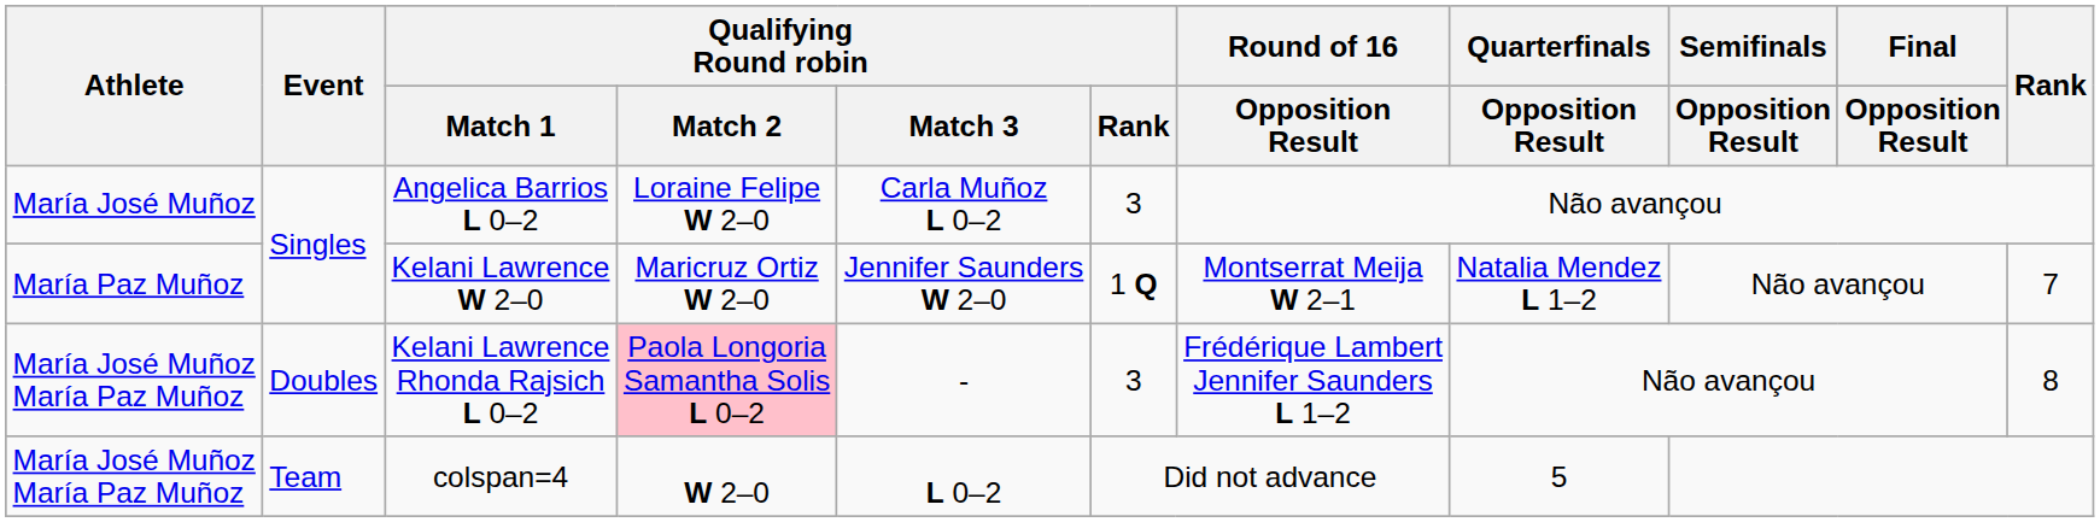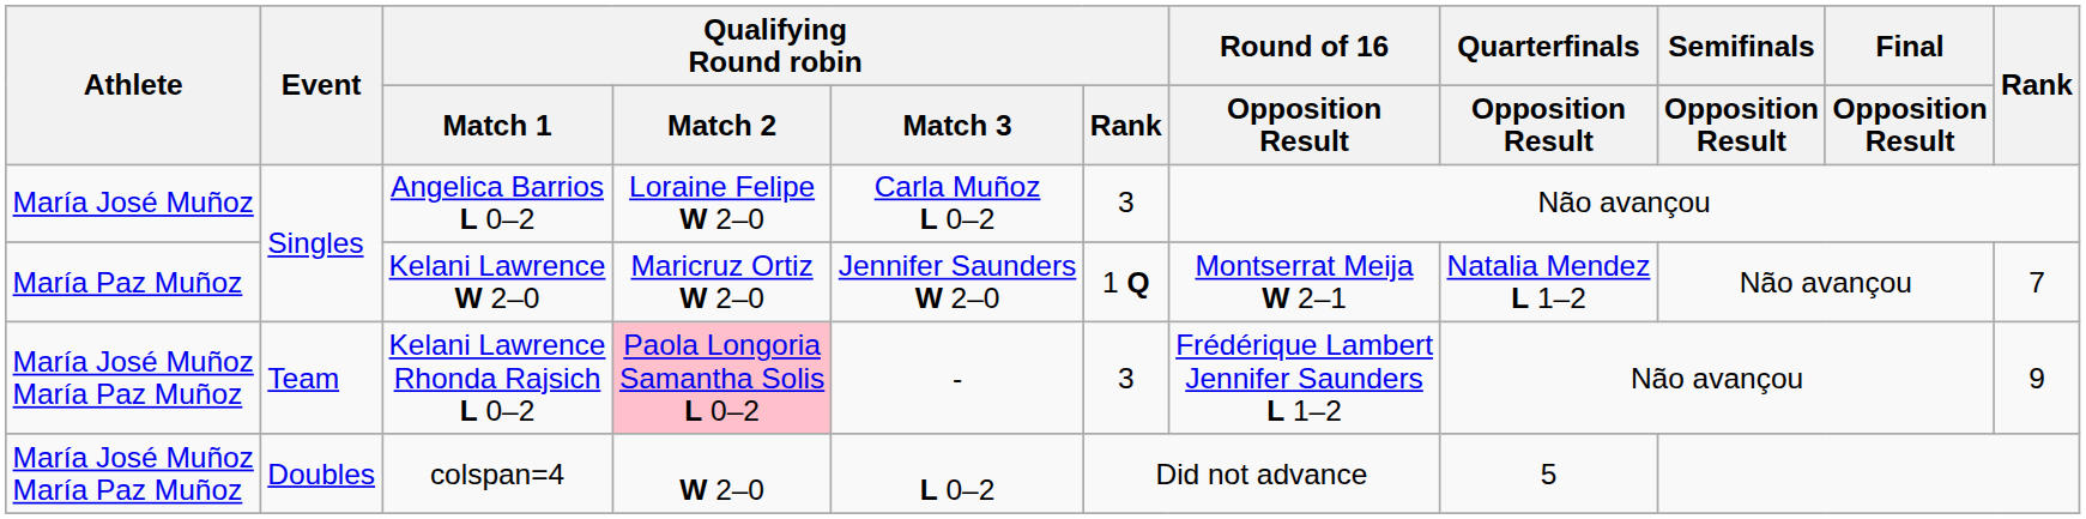 <table class="wikitable" style="font-size:90%">
 <tr>
 <th rowspan="2">Athlete</th>
 <th rowspan="2">Event</th>
 <th colspan="4">Qualifying<br>Round robin</th>
 <th>Round of 16</th>
 <th>Quarterfinals</th>
 <th>Semifinals</th>
 <th>Final</th>
 <th rowspan="2">Rank</th>
 </tr>
 <tr>
 <th>Match 1</th>
 <th>Match 2</th>
 <th>Match 3</th>
 <th>Rank</th>
 <th>Opposition<br>Result</th>
 <th>Opposition<br>Result</th>
 <th>Opposition<br>Result</th>
 <th>Opposition<br>Result</th>
 </tr>
 <tr align=center>
 <td align=left><a href='#'>María José Muñoz</a></td>
 <td rowspan=2 align=left><a href='#'>Singles</a></td>
 <td align=center> <a href='#'>Angelica Barrios</a><br><strong>L</strong> 0–2</td>
 <td align=center> <a href='#'>Loraine Felipe</a><br><strong>W</strong> 2–0</td>
 <td align=center> <a href='#'>Carla Muñoz</a><br><strong>L</strong> 0–2</td>
 <td>3</td>
 <td colspan=5>Não avançou</td>
 </tr>
 <tr align=center>
 <td align=left><a href='#'>María Paz Muñoz</a></td>
 <td align=center> <a href='#'>Kelani Lawrence</a><br><strong>W</strong> 2–0</td>
 <td align=center> <a href='#'>Maricruz Ortiz</a><br><strong>W</strong> 2–0</td>
 <td align=center> <a href='#'>Jennifer Saunders</a><br><strong>W</strong> 2–0</td>
 <td>1 <strong>Q</strong></td>
 <td align=center> <a href='#'>Montserrat Meija</a><br><strong>W</strong> 2–1</td>
 <td align=center> <a href='#'>Natalia Mendez</a><br><strong>L</strong> 1–2</td>
 <td colspan=2>Não avançou</td>
 <td>7</td>
 </tr>
 <tr align=center>
 <td align=left><a href='#'>María José Muñoz</a><br><a href='#'>María Paz Muñoz</a></td>
-<td align=left><a href='#'>Doubles</a></td>
+<td align=left><a href='#'>Team</a></td>
 <td align=center> <a href='#'>Kelani Lawrence</a><br><a href='#'>Rhonda Rajsich</a><br><strong>L</strong> 0–2</td>
 <td align=center style="background: pink;"> <a href='#'>Paola Longoria</a><br><a href='#'>Samantha Solis</a><br><strong>L</strong> 0–2</td>
 <td align=center>-</td>
 <td>3</td>
 <td align=center> <a href='#'>Frédérique Lambert</a><br><a href='#'>Jennifer Saunders</a><br><strong>L</strong> 1–2</td>
 <td colspan=3>Não avançou</td>
-<td>8</td>
+<td>9</td>
 </tr>
 <tr align=center>
 <td align=left><a href='#'>María José Muñoz</a><br><a href='#'>María Paz Muñoz</a></td>
-<td align=left><a href='#'>Team</a></td>
+<td align=left><a href='#'>Doubles</a></td>
 <td>colspan=4 </td>
 <td align=center><br><strong>W</strong> 2–0</td>
 <td align=center><br><strong>L</strong> 0–2</td>
 <td colspan=2>Did not advance</td>
 <td>5</td>
 </tr>
 </table>
